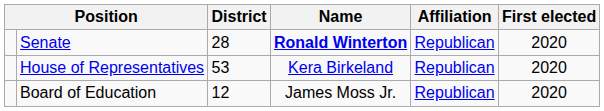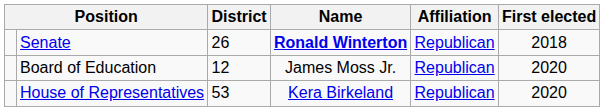 <table class="wikitable">
 <tr>
 <th colspan="2" style="text-align:center; vertical-align:bottom;">Position</th>
 <th>District</th>
 <th style="text-align:center;">Name</th>
 <th valign="bottom">Affiliation</th>
 <th style="vertical-align:bottom; text-align:center;">First elected</th>
 </tr>
 <tr>
 <td style="background-color:"> </td>
 <td><a href='#'>Senate</a></td>
-<td>28</td>
+<td>26</td>
 <td style="text-align:center;"><strong><a href='#'>Ronald Winterton</a></strong></td>
+<td style="text-align:center;"><a href='#'>Republican</a></td>
+<td style="text-align:center;">2018</td>
+</tr>
+<tr>
+<td style="background-color:"> </td>
+<td>Board of Education</td>
+<td>12</td>
+<td style="text-align:center;">James Moss Jr.</td>
 <td style="text-align:center;"><a href='#'>Republican</a></td>
 <td style="text-align:center;">2020</td>
 </tr>
 <tr>
 <td style="background-color:"> </td>
 <td><a href='#'>House of Representatives</a></td>
 <td>53</td>
 <td style="text-align:center;"><a href='#'>Kera Birkeland</a></td>
 <td style="text-align:center;"><a href='#'>Republican</a></td>
 <td style="text-align:center;">2020</td>
 </tr>
 <tr>
-<td style="background-color:"> </td>
-<td>Board of Education</td>
-<td>12</td>
-<td style="text-align:center;">James Moss Jr.</td>
-<td style="text-align:center;"><a href='#'>Republican</a></td>
-<td style="text-align:center;">2020</td>
-</tr>
-<tr>
 </tr>
 </table>
